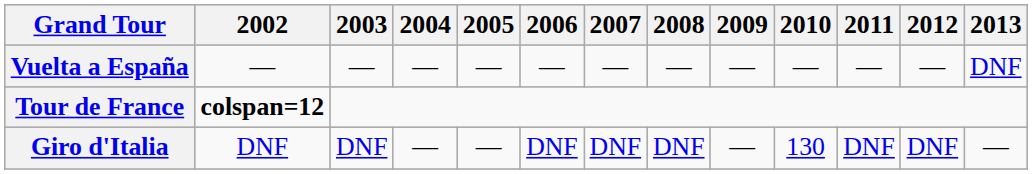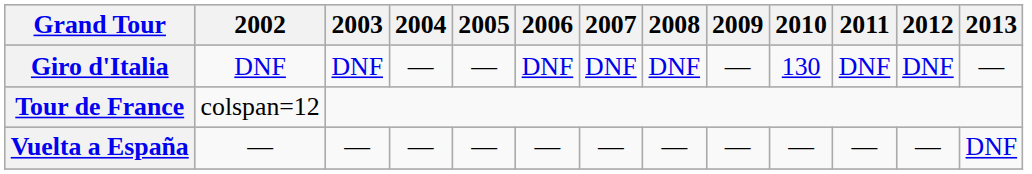 <table class="wikitable plainrowheaders">
 <tr>
 <th scope="col"><a href='#'>Grand Tour</a></th>
 <th scope="col">2002</th>
 <th scope="col">2003</th>
 <th scope="col">2004</th>
 <th scope="col">2005</th>
 <th scope="col">2006</th>
 <th scope="col">2007</th>
 <th scope="col">2008</th>
 <th scope="col">2009</th>
 <th scope="col">2010</th>
 <th scope="col">2011</th>
 <th scope="col">2012</th>
 <th scope="col">2013</th>
 </tr>
 <tr style="text-align:center;">
+<th scope="row"> <a href='#'>Giro d'Italia</a></th>
+<td><a href='#'>DNF</a></td>
+<td><a href='#'>DNF</a></td>
+<td>—</td>
+<td>—</td>
+<td><a href='#'>DNF</a></td>
+<td><a href='#'>DNF</a></td>
+<td><a href='#'>DNF</a></td>
+<td>—</td>
+<td><a href='#'>130</a></td>
+<td><a href='#'>DNF</a></td>
+<td><a href='#'>DNF</a></td>
+<td>—</td>
+</tr>
+<tr style="text-align:center;">
+<th scope="row"> <a href='#'>Tour de France</a></th>
+<td>colspan=12 </td>
+</tr>
+<tr style="text-align:center;">
 <th scope="row"> <a href='#'>Vuelta a España</a></th>
 <td>—</td>
 <td>—</td>
 <td>—</td>
 <td>—</td>
 <td>—</td>
 <td>—</td>
 <td>—</td>
 <td>—</td>
 <td>—</td>
 <td>—</td>
 <td>—</td>
 <td><a href='#'>DNF</a></td>
 </tr>
-<tr style="text-align:center;">
-<th scope="row"> <a href='#'>Tour de France</a></th>
-<td><strong>colspan=12 </strong></td>
-</tr>
-<tr style="text-align:center;">
-<th scope="row"> <a href='#'>Giro d'Italia</a></th>
-<td><a href='#'>DNF</a></td>
-<td><a href='#'>DNF</a></td>
-<td>—</td>
-<td>—</td>
-<td><a href='#'>DNF</a></td>
-<td><a href='#'>DNF</a></td>
-<td><a href='#'>DNF</a></td>
-<td>—</td>
-<td><a href='#'>130</a></td>
-<td><a href='#'>DNF</a></td>
-<td><a href='#'>DNF</a></td>
-<td>—</td>
-</tr>
 </table>
